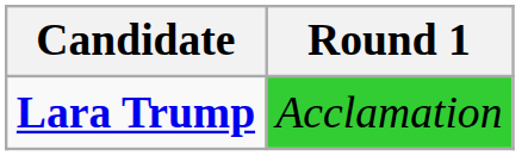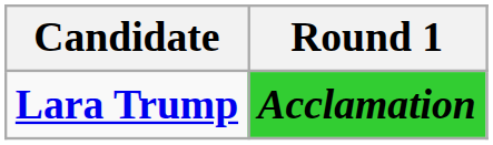 <table class="wikitable">
 <tr>
 <th>Candidate</th>
 <th>Round 1</th>
 </tr>
 <tr>
 <td><strong><a href='#'>Lara Trump</a></strong></td>
-<td style="background:limegreen;"><em>Acclamation</em></td>
+<td style="background:limegreen;"><strong><em>Acclamation</em></strong></td>
 </tr>
 </table>
